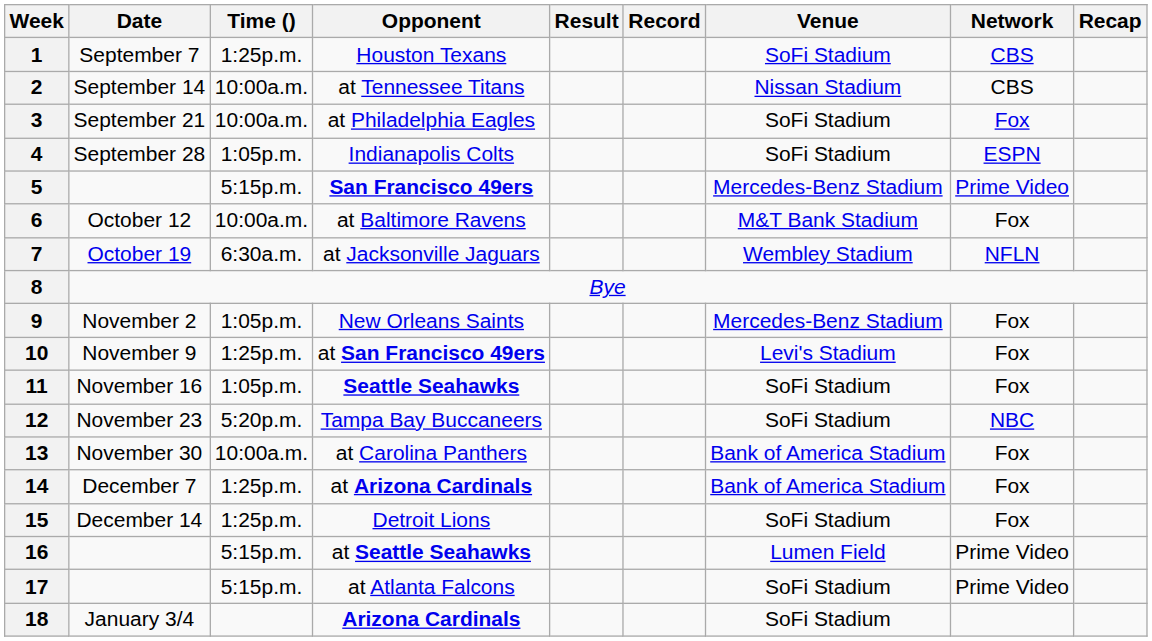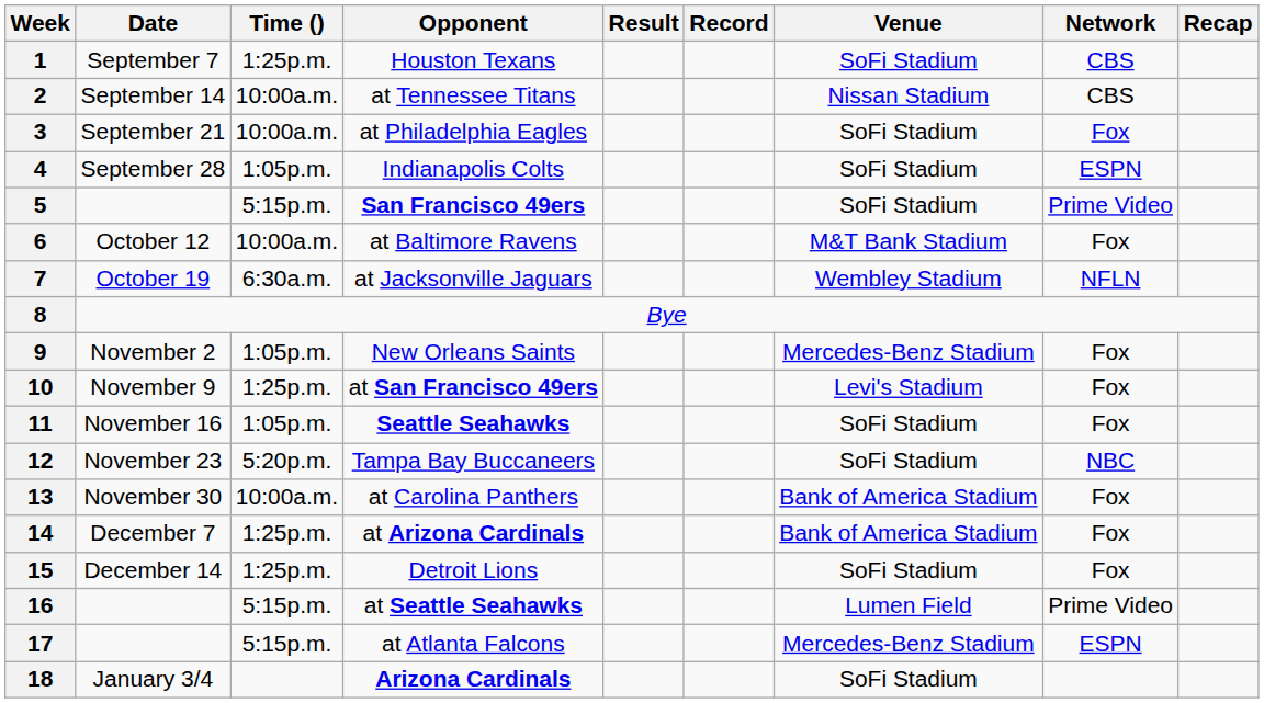 <table class="wikitable" style="text-align:center">
 <tr>
 <th>Week</th>
 <th>Date</th>
 <th>Time (<a href='#'></a>)</th>
 <th>Opponent</th>
 <th>Result</th>
 <th>Record</th>
 <th>Venue</th>
 <th>Network</th>
 <th>Recap</th>
 </tr>
 <tr>
 <th>1 </th>
 <td>September 7</td>
 <td>1:25p.m.</td>
 <td><a href='#'>Houston Texans</a></td>
 <td></td>
 <td></td>
 <td><a href='#'>SoFi Stadium</a></td>
 <td><a href='#'>CBS</a></td>
 <td></td>
 </tr>
 <tr>
 <th>2 </th>
 <td>September 14</td>
 <td>10:00a.m.</td>
 <td>at <a href='#'>Tennessee Titans</a></td>
 <td></td>
 <td></td>
 <td><a href='#'>Nissan Stadium</a></td>
 <td>CBS</td>
 <td></td>
 </tr>
 <tr>
 <th>3 </th>
 <td>September 21</td>
 <td>10:00a.m.</td>
 <td>at <a href='#'>Philadelphia Eagles</a></td>
 <td></td>
 <td></td>
 <td>SoFi Stadium</td>
 <td><a href='#'>Fox</a></td>
 <td></td>
 </tr>
 <tr>
 <th>4 </th>
 <td>September 28</td>
 <td>1:05p.m.</td>
 <td><a href='#'>Indianapolis Colts</a></td>
 <td></td>
 <td></td>
 <td>SoFi Stadium</td>
 <td><a href='#'>ESPN</a></td>
 <td></td>
 </tr>
 <tr>
 <th>5 </th>
 <td></td>
 <td>5:15p.m.</td>
 <td><strong><a href='#'>San Francisco 49ers</a></strong></td>
 <td></td>
 <td></td>
-<td><a href='#'>Mercedes-Benz Stadium</a></td>
+<td>SoFi Stadium</td>
 <td><a href='#'>Prime Video</a></td>
 <td></td>
 </tr>
 <tr>
 <th>6 </th>
 <td>October 12</td>
 <td>10:00a.m.</td>
 <td>at <a href='#'>Baltimore Ravens</a></td>
 <td></td>
 <td></td>
 <td><a href='#'>M&T Bank Stadium</a></td>
 <td>Fox</td>
 <td></td>
 </tr>
 <tr>
 <th>7 </th>
 <td><a href='#'>October 19</a></td>
 <td>6:30a.m.</td>
 <td>at <a href='#'>Jacksonville Jaguars</a></td>
 <td></td>
 <td></td>
 <td> <a href='#'>Wembley Stadium</a> </td>
 <td><a href='#'>NFLN</a></td>
 <td></td>
 </tr>
 <tr>
 <th>8</th>
 <td colspan=8><em><a href='#'>Bye</a></em></td>
 </tr>
 <tr>
 <th>9 </th>
 <td>November 2</td>
 <td>1:05p.m.</td>
 <td><a href='#'>New Orleans Saints</a></td>
 <td></td>
 <td></td>
 <td><a href='#'>Mercedes-Benz Stadium</a></td>
 <td>Fox</td>
 <td></td>
 </tr>
 <tr>
 <th>10 </th>
 <td>November 9</td>
 <td>1:25p.m.</td>
 <td>at <strong><a href='#'>San Francisco 49ers</a></strong></td>
 <td></td>
 <td></td>
 <td><a href='#'>Levi's Stadium</a></td>
 <td>Fox</td>
 <td></td>
 </tr>
 <tr>
 <th>11 </th>
 <td>November 16</td>
 <td>1:05p.m.</td>
 <td><strong><a href='#'>Seattle Seahawks</a></strong></td>
 <td></td>
 <td></td>
 <td>SoFi Stadium</td>
 <td>Fox</td>
 <td></td>
 </tr>
 <tr>
 <th>12 </th>
 <td>November 23</td>
 <td>5:20p.m.</td>
 <td><a href='#'>Tampa Bay Buccaneers</a></td>
 <td></td>
 <td></td>
 <td>SoFi Stadium</td>
 <td><a href='#'>NBC</a></td>
 <td></td>
 </tr>
 <tr>
 <th>13 </th>
 <td>November 30</td>
 <td>10:00a.m.</td>
 <td>at <a href='#'>Carolina Panthers</a></td>
 <td></td>
 <td></td>
 <td><a href='#'>Bank of America Stadium</a></td>
 <td>Fox</td>
 <td></td>
 </tr>
 <tr>
 <th>14 </th>
 <td>December 7</td>
 <td>1:25p.m.</td>
 <td>at <strong><a href='#'>Arizona Cardinals</a></strong></td>
 <td></td>
 <td></td>
 <td><a href='#'>Bank of America Stadium</a></td>
 <td>Fox</td>
 <td></td>
 </tr>
 <tr>
 <th>15 </th>
 <td>December 14</td>
 <td>1:25p.m.</td>
 <td><a href='#'>Detroit Lions</a></td>
 <td></td>
 <td></td>
 <td>SoFi Stadium</td>
 <td>Fox</td>
 <td></td>
 </tr>
 <tr>
 <th>16 </th>
 <td></td>
 <td>5:15p.m.</td>
 <td>at <strong><a href='#'>Seattle Seahawks</a></strong></td>
 <td></td>
 <td></td>
 <td><a href='#'>Lumen Field</a></td>
 <td>Prime Video</td>
 <td></td>
 </tr>
 <tr>
 <th>17 </th>
 <td></td>
 <td>5:15p.m.</td>
 <td>at <a href='#'>Atlanta Falcons</a></td>
 <td></td>
 <td></td>
-<td>SoFi Stadium</td>
-<td>Prime Video</td>
+<td><a href='#'>Mercedes-Benz Stadium</a></td>
+<td><a href='#'>ESPN</a></td>
 <td></td>
 </tr>
 <tr>
 <th>18 </th>
 <td>January 3/4</td>
 <td></td>
 <td><strong><a href='#'>Arizona Cardinals</a></strong></td>
 <td></td>
 <td></td>
 <td>SoFi Stadium</td>
 <td></td>
 <td></td>
 </tr>
 </table>
